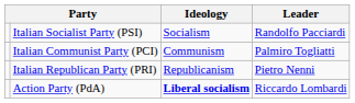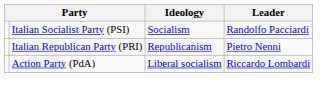 <table class=wikitable style=text-align:left>
 <tr>
 <th colspan=2>Party</th>
 <th>Ideology</th>
 <th>Leader</th>
 </tr>
 <tr>
 <td></td>
 <td><a href='#'>Italian Socialist Party</a> (PSI)</td>
 <td><a href='#'>Socialism</a></td>
 <td><a href='#'>Randolfo Pacciardi</a></td>
 </tr>
 <tr>
 <td></td>
-<td><a href='#'>Italian Communist Party</a> (PCI)</td>
-<td><a href='#'>Communism</a></td>
-<td><a href='#'>Palmiro Togliatti</a></td>
-</tr>
-<tr>
-<td></td>
 <td><a href='#'>Italian Republican Party</a> (PRI)</td>
 <td><a href='#'>Republicanism</a></td>
 <td><a href='#'>Pietro Nenni</a></td>
 </tr>
 <tr>
 <td></td>
 <td><a href='#'>Action Party</a> (PdA)</td>
-<td><strong><a href='#'>Liberal socialism</a></strong></td>
+<td><a href='#'>Liberal socialism</a></td>
 <td><a href='#'>Riccardo Lombardi</a></td>
 </tr>
 </table>
